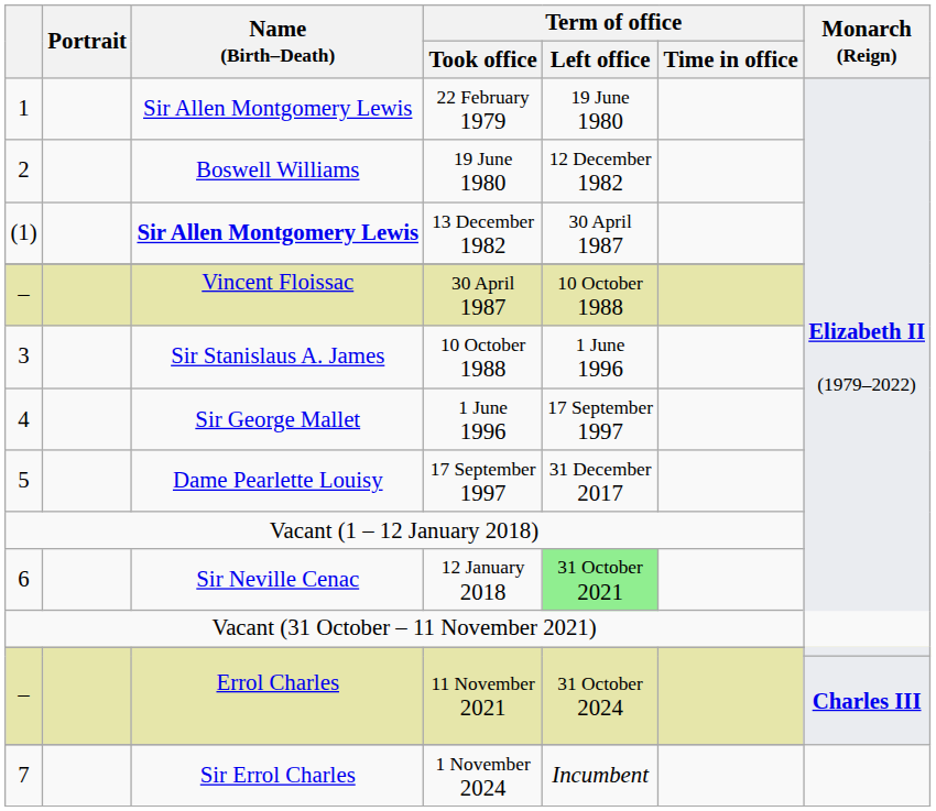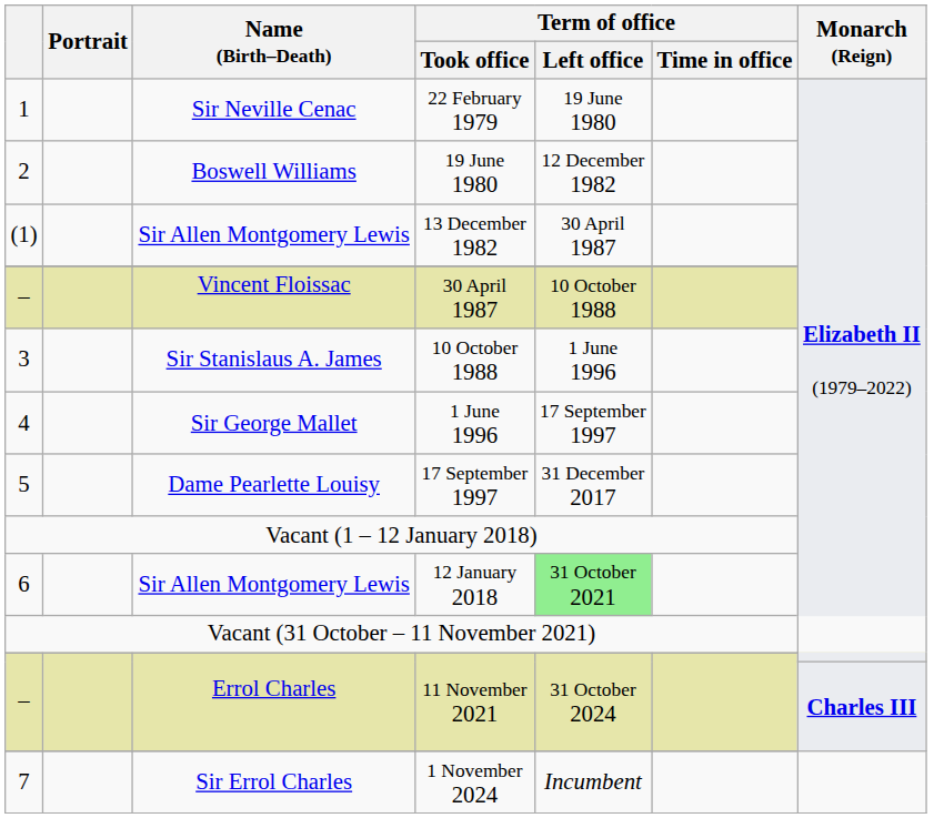 <table class="wikitable" style="text-align:center;">
 <tr>
 <th rowspan="2"></th>
 <th rowspan="2">Portrait</th>
 <th rowspan="2">Name<br><small>(Birth–Death)</small></th>
 <th colspan="3">Term of office</th>
 <th rowspan="2">Monarch<br><small>(Reign)</small></th>
 </tr>
 <tr>
 <th>Took office</th>
 <th>Left office</th>
 <th>Time in office</th>
 </tr>
 <tr>
 <td>1</td>
 <td></td>
-<td><a href='#'>Sir Allen Montgomery Lewis</a><br></td>
+<td><a href='#'>Sir Neville Cenac</a><br></td>
 <td><small>22 February</small><br>1979</td>
 <td><small>19 June</small><br>1980</td>
 <td></td>
 <td rowspan="10" style="background:#eaecf0; border-style: solid solid none solid ;"><br><strong><a href='#'>Elizabeth II</a></strong><br><br><small>(1979–2022)</small></td>
 </tr>
 <tr>
 <td>2</td>
 <td></td>
 <td><a href='#'>Boswell Williams</a><br></td>
 <td><small>19 June</small><br>1980</td>
 <td><small>12 December</small><br>1982</td>
 <td></td>
 </tr>
 <tr>
 <td>(1)</td>
 <td></td>
-<td><strong><a href='#'>Sir Allen Montgomery Lewis</a><br></strong></td>
+<td><a href='#'>Sir Allen Montgomery Lewis</a><br></td>
 <td><small>13 December</small><br>1982</td>
 <td><small>30 April</small><br>1987</td>
 <td></td>
 </tr>
 <tr>
 </tr>
 <tr style="background:#e6e6aa;">
 <td>–</td>
 <td></td>
 <td><a href='#'>Vincent Floissac</a><br><br></td>
 <td><small>30 April</small><br>1987</td>
 <td><small>10 October</small><br>1988</td>
 <td></td>
 </tr>
 <tr>
 <td>3</td>
 <td></td>
 <td><a href='#'>Sir Stanislaus A. James</a><br></td>
 <td><small>10 October</small><br>1988</td>
 <td><small>1 June</small><br>1996</td>
 <td></td>
 </tr>
 <tr>
 <td>4</td>
 <td></td>
 <td><a href='#'>Sir George Mallet</a><br></td>
 <td><small>1 June</small><br>1996</td>
 <td><small>17 September</small><br>1997</td>
 <td></td>
 </tr>
 <tr>
 <td>5</td>
 <td></td>
 <td><a href='#'>Dame Pearlette Louisy</a><br></td>
 <td><small>17 September</small><br>1997</td>
 <td><small>31 December</small><br>2017</td>
 <td></td>
 </tr>
 <tr>
 <td colspan="6">Vacant (1 – 12 January 2018)</td>
 </tr>
 <tr>
 <td>6</td>
 <td></td>
-<td><a href='#'>Sir Neville Cenac</a><br></td>
+<td><a href='#'>Sir Allen Montgomery Lewis</a><br></td>
 <td><small>12 January</small><br>2018</td>
 <td style="background: lightgreen;"><small>31 October</small><br>2021</td>
 <td></td>
 </tr>
 <tr>
 <td colspan="6">Vacant (31 October – 11 November 2021)</td>
 </tr>
 <tr>
 </tr>
 <tr style="background:#e6e6aa;">
 <td rowspan=2>–</td>
 <td rowspan=2></td>
 <td rowspan=2><a href='#'>Errol Charles</a><br><br></td>
 <td rowspan=2><small>11 November</small><br>2021</td>
 <td rowspan=2><small>31 October</small><br>2024</td>
 <td rowspan=2></td>
 <td style="background:#eaecf0; border-style: none solid solid solid ;"></td>
 </tr>
 <tr>
 <td rowspan="2" style="background:#eaecf0"><br><strong><a href='#'>Charles III</a></strong><br><br></td>
 </tr>
 <tr>
 </tr>
 <tr>
 <td rowspan=1>7</td>
 <td rowspan=1></td>
 <td rowspan=1><a href='#'>Sir Errol Charles</a><br></td>
 <td rowspan=1><small>1 November</small><br>2024</td>
 <td rowspan=1><em>Incumbent</em></td>
 <td rowspan=1></td>
 </tr>
 <tr>
 </tr>
 </table>
